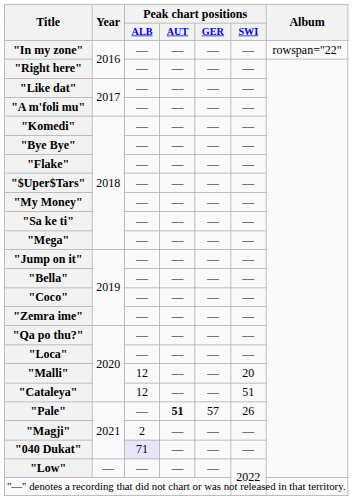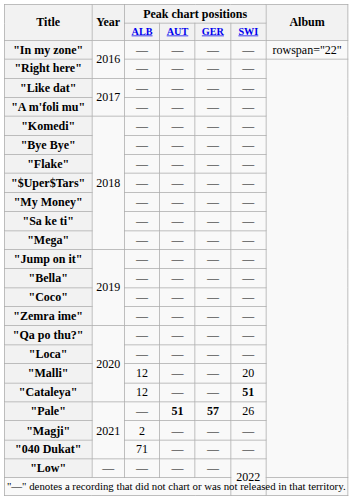 <table class="wikitable plainrowheaders" style="text-align:center;">
 <tr>
 <th scope="col" rowspan="2">Title</th>
 <th scope="col" rowspan="2">Year</th>
 <th scope="col" colspan="4">Peak chart positions</th>
 <th scope="col" rowspan="2">Album</th>
 </tr>
 <tr>
 <th scope="col" style="width:3em;font-size:85%;"><a href='#'>ALB</a><br></th>
 <th scope="col" style="width:3em;font-size:85%;"><a href='#'>AUT</a><br></th>
 <th scope="col" style="width:3em;font-size:85%;"><a href='#'>GER</a><br></th>
 <th scope="col" style="width:3em;font-size:85%;"><a href='#'>SWI</a><br></th>
 </tr>
 <tr>
 <th scope="row">"In my zone"</th>
 <td rowspan="2">2016</td>
 <td>—</td>
 <td>—</td>
 <td>—</td>
 <td>—</td>
 <td>rowspan="22" </td>
 </tr>
 <tr>
 <th scope="row">"Right here"</th>
 <td>—</td>
 <td>—</td>
 <td>—</td>
 <td>—</td>
 </tr>
 <tr>
 <th scope="row">"Like dat"</th>
 <td rowspan="2">2017</td>
 <td>—</td>
 <td>—</td>
 <td>—</td>
 <td>—</td>
 </tr>
 <tr>
 <th scope="row">"A m'foli mu"</th>
 <td>—</td>
 <td>—</td>
 <td>—</td>
 <td>—</td>
 </tr>
 <tr>
 <th scope="row">"Komedi"<br></th>
 <td rowspan="7">2018</td>
 <td>—</td>
 <td>—</td>
 <td>—</td>
 <td>—</td>
 </tr>
 <tr>
 <th scope="row">"Bye Bye"</th>
 <td>—</td>
 <td>—</td>
 <td>—</td>
 <td>—</td>
 </tr>
 <tr>
 <th scope="row">"Flake"<br></th>
 <td>—</td>
 <td>—</td>
 <td>—</td>
 <td>—</td>
 </tr>
 <tr>
 <th scope="row">"$Uper$Tars"<br></th>
 <td>—</td>
 <td>—</td>
 <td>—</td>
 <td>—</td>
 </tr>
 <tr>
 <th scope="row">"My Money"</th>
 <td>—</td>
 <td>—</td>
 <td>—</td>
 <td>—</td>
 </tr>
 <tr>
 <th scope="row">"Sa ke ti"</th>
 <td>—</td>
 <td>—</td>
 <td>—</td>
 <td>—</td>
 </tr>
 <tr>
 <th scope="row">"Mega"</th>
 <td>—</td>
 <td>—</td>
 <td>—</td>
 <td>—</td>
 </tr>
 <tr>
 <th scope="row">"Jump on it"</th>
 <td rowspan="4">2019</td>
 <td>—</td>
 <td>—</td>
 <td>—</td>
 <td>—</td>
 </tr>
 <tr>
 <th scope="row">"Bella"</th>
 <td>—</td>
 <td>—</td>
 <td>—</td>
 <td>—</td>
 </tr>
 <tr>
 <th scope="row">"Coco"</th>
 <td>—</td>
 <td>—</td>
 <td>—</td>
 <td>—</td>
 </tr>
 <tr>
 <th scope="row">"Zemra ime"</th>
 <td>—</td>
 <td>—</td>
 <td>—</td>
 <td>—</td>
 </tr>
 <tr>
 <th scope="row">"Qa po thu?"</th>
 <td rowspan="4">2020</td>
 <td>—</td>
 <td>—</td>
 <td>—</td>
 <td>—</td>
 </tr>
 <tr>
 <th scope="row">"Loca"</th>
 <td>—</td>
 <td>—</td>
 <td>—</td>
 <td>—</td>
 </tr>
 <tr>
 <th scope="row">"Malli"</th>
 <td>12</td>
 <td>—</td>
 <td>—</td>
 <td>20</td>
 </tr>
 <tr>
 <th scope="row">"Cataleya"</th>
 <td>12</td>
 <td>—</td>
 <td>—</td>
-<td>51</td>
+<td><strong>51</strong></td>
 </tr>
 <tr>
 <th scope="row">"Pale"<br></th>
 <td rowspan="3">2021</td>
 <td>—</td>
 <td><strong>51</strong></td>
-<td>57</td>
+<td><strong>57</strong></td>
 <td>26</td>
 </tr>
 <tr>
 <th scope="row">"Magji"<br></th>
 <td>2</td>
 <td>—</td>
 <td>—</td>
 <td>—</td>
 </tr>
 <tr>
 <th scope="row">"040 Dukat"</th>
-<td style="background: lavender;">71</td>
+<td>71</td>
 <td>—</td>
 <td>—</td>
 <td>—</td>
 </tr>
 <tr>
 <th scope="row">"Low"</th>
 <td>—</td>
 <td>—</td>
 <td>—</td>
 <td>—</td>
 <td rowspan="3">2022</td>
 </tr>
 <tr>
 <td colspan="11" style="font-size:90%">"—" denotes a recording that did not chart or was not released in that territory.</td>
 </tr>
 </table>
